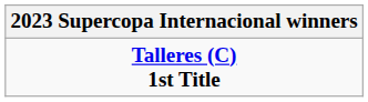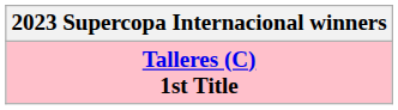 <table class="wikitable" style="text-align: center; margin: 0 auto;">
 <tr>
 <th>2023 Supercopa Internacional winners</th>
 </tr>
 <tr>
-<td><strong><a href='#'>Talleres (C)</a></strong><br><strong>1st Title</strong></td>
+<td style="background: pink;"><strong><a href='#'>Talleres (C)</a></strong><br><strong>1st Title</strong></td>
 </tr>
 </table>
